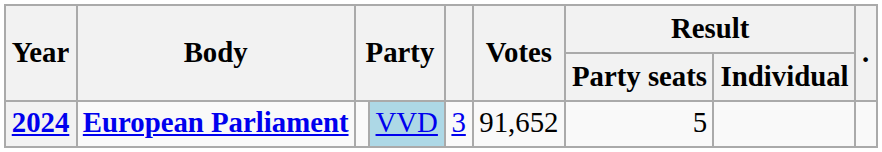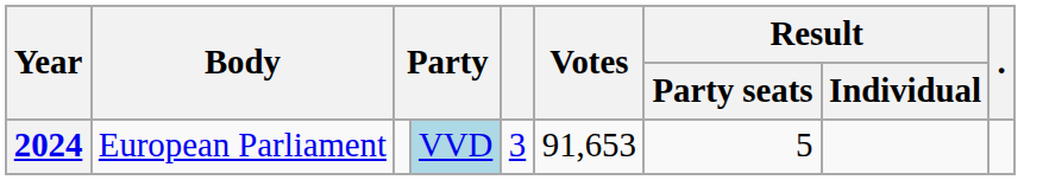 <table class="wikitable plainrowheaders sortable" border=2 cellpadding=4 cellspacing=0 style="border: 1px #aaa solid; font-size: 90%; text-align:center;">
 <tr>
 <th scope="col" rowspan=2>Year</th>
 <th scope="col" rowspan=2>Body</th>
 <th scope="col" colspan=2 rowspan=2>Party</th>
 <th scope="col" rowspan=2></th>
 <th scope="col" rowspan=2>Votes</th>
 <th scope="colgroup" colspan=2>Result</th>
 <th scope="col" rowspan=2>.</th>
 </tr>
 <tr>
 <th scope="col">Party seats</th>
 <th scope="col">Individual</th>
 </tr>
 <tr>
 <th scope="row"><a href='#'>2024</a></th>
-<td><strong><a href='#'>European Parliament</a></strong></td>
+<td><a href='#'>European Parliament</a></td>
 <td style="background-color:"></td>
 <td style="background: lightblue;"><a href='#'>VVD</a></td>
 <td style=text-align:right><a href='#'>3</a></td>
-<td style=text-align:right>91,652</td>
+<td style=text-align:right>91,653</td>
 <td style=text-align:right>5</td>
 <td></td>
 <td></td>
 </tr>
 </table>
